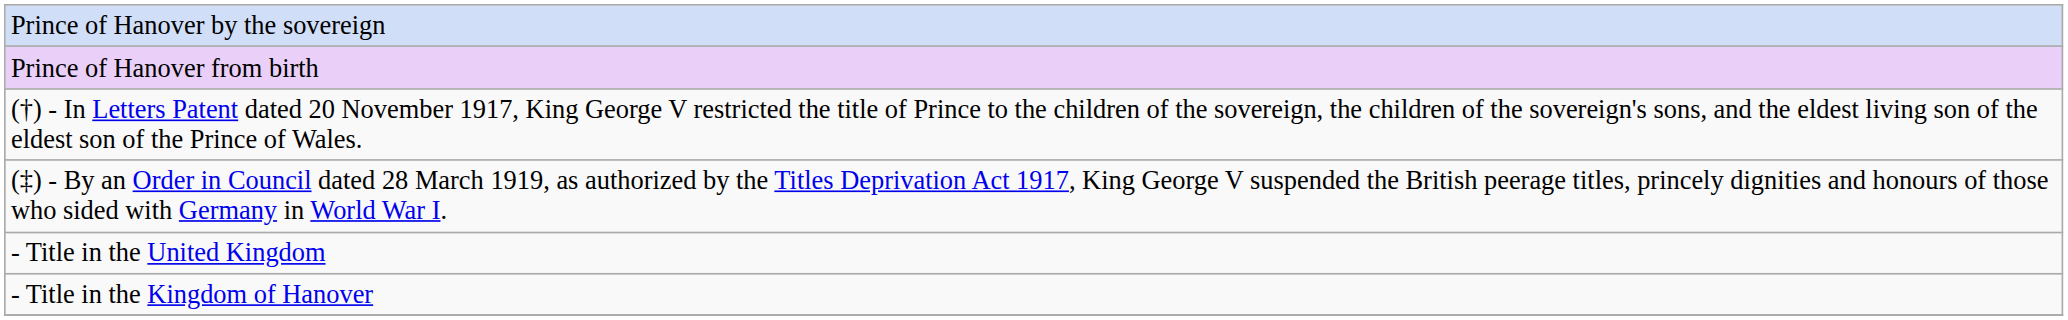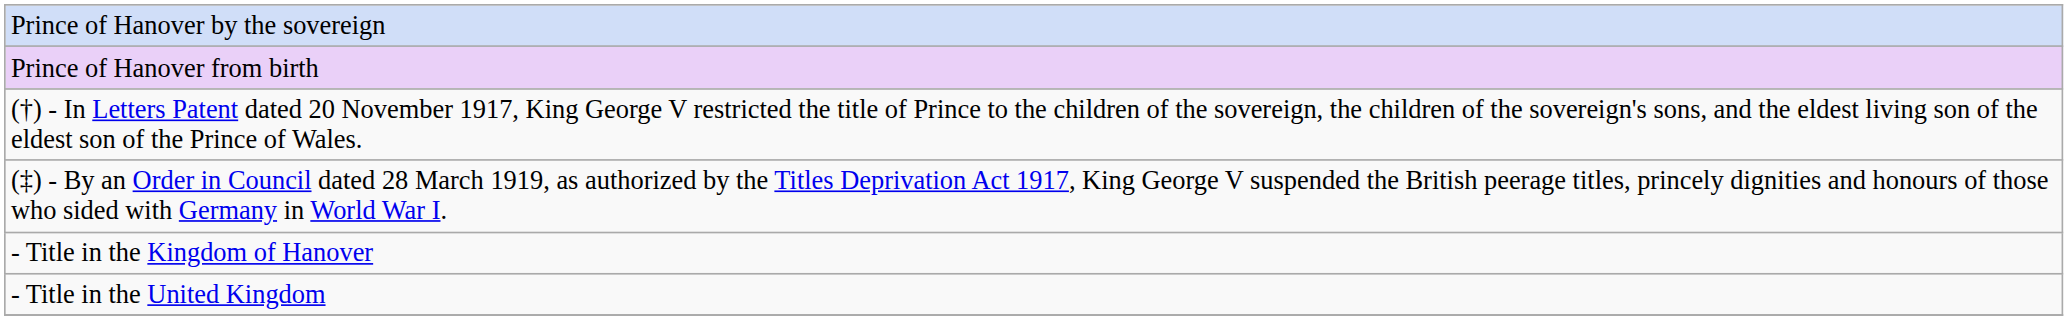 <table class="wikitable">
 <tr>
 <td style="background:#d0def8">Prince of Hanover by the sovereign</td>
 </tr>
 <tr>
 <td style="background:#ead0f8">Prince of Hanover from birth</td>
 </tr>
 <tr>
 <td><span>(†)</span> - In <a href='#'>Letters Patent</a> dated 20 November 1917, King George V restricted the title of Prince to the children of the sovereign, the children of the sovereign's sons, and the eldest living son of the eldest son of the Prince of Wales.</td>
 </tr>
 <tr>
 <td><span>(‡)</span> - By an <a href='#'>Order in Council</a> dated 28 March 1919, as authorized by the <a href='#'>Titles Deprivation Act 1917</a>, King George V suspended the British peerage titles, princely dignities and honours of those who sided with <a href='#'>Germany</a> in <a href='#'>World War I</a>.</td>
 </tr>
 <tr>
-<td> - Title in the <a href='#'>United Kingdom</a></td>
+<td> - Title in the <a href='#'>Kingdom of Hanover</a></td>
 </tr>
 <tr>
-<td> - Title in the <a href='#'>Kingdom of Hanover</a></td>
+<td> - Title in the <a href='#'>United Kingdom</a></td>
 </tr>
 <tr>
 </tr>
 </table>
